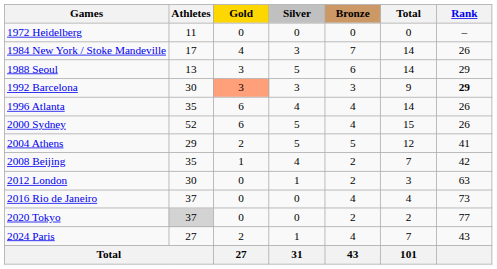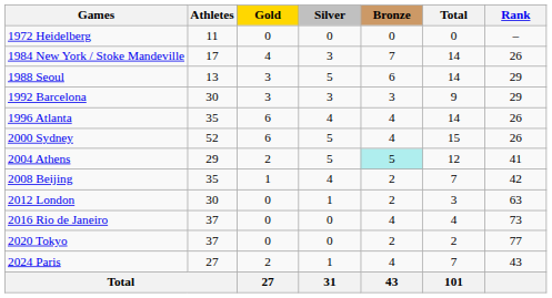 <table class="wikitable" style="text-align:center; font-size:90%;">
 <tr>
 <th>Games</th>
 <th>Athletes</th>
 <td style="background:gold; width:4.5em; font-weight:bold;">Gold</td>
 <td style="background:silver; width:4.5em; font-weight:bold;">Silver</td>
 <td style="background:#cc9966; width:4.5em; font-weight:bold;">Bronze</td>
 <th style="width:4.5em; font-weight:bold;">Total</th>
 <th style="width:4.5em; font-weight:bold;"><a href='#'>Rank</a></th>
 </tr>
 <tr>
 <td align=left><a href='#'>1972 Heidelberg</a></td>
 <td>11</td>
 <td>0</td>
 <td>0</td>
 <td>0</td>
 <td>0</td>
 <td>–</td>
 </tr>
 <tr>
 <td align=left><a href='#'>1984 New York / Stoke Mandeville</a></td>
 <td>17</td>
 <td>4</td>
 <td>3</td>
 <td>7</td>
 <td>14</td>
 <td>26</td>
 </tr>
 <tr>
 <td align=left><a href='#'>1988 Seoul</a></td>
 <td>13</td>
 <td>3</td>
 <td>5</td>
 <td>6</td>
 <td>14</td>
 <td>29</td>
 </tr>
 <tr>
 <td align=left><a href='#'>1992 Barcelona</a></td>
 <td>30</td>
-<td style="background: lightsalmon;">3</td>
+<td>3</td>
 <td>3</td>
 <td>3</td>
 <td>9</td>
-<td><strong>29</strong></td>
+<td>29</td>
 </tr>
 <tr>
 <td align=left><a href='#'>1996 Atlanta</a></td>
 <td>35</td>
 <td>6</td>
 <td>4</td>
 <td>4</td>
 <td>14</td>
 <td>26</td>
 </tr>
 <tr>
 <td align=left><a href='#'>2000 Sydney</a></td>
 <td>52</td>
 <td>6</td>
 <td>5</td>
 <td>4</td>
 <td>15</td>
 <td>26</td>
 </tr>
 <tr>
 <td align=left><a href='#'>2004 Athens</a></td>
 <td>29</td>
 <td>2</td>
 <td>5</td>
-<td>5</td>
+<td style="background: paleturquoise;">5</td>
 <td>12</td>
 <td>41</td>
 </tr>
 <tr>
 <td align=left><a href='#'>2008 Beijing</a></td>
 <td>35</td>
 <td>1</td>
 <td>4</td>
 <td>2</td>
 <td>7</td>
 <td>42</td>
 </tr>
 <tr>
 <td align=left><a href='#'>2012 London</a></td>
 <td>30</td>
 <td>0</td>
 <td>1</td>
 <td>2</td>
 <td>3</td>
 <td>63</td>
 </tr>
 <tr>
 <td align=left><a href='#'>2016 Rio de Janeiro</a></td>
 <td>37</td>
 <td>0</td>
 <td>0</td>
 <td>4</td>
 <td>4</td>
 <td>73</td>
 </tr>
 <tr>
 <td align=left><a href='#'>2020 Tokyo</a></td>
-<td style="background: lightgrey;">37</td>
+<td>37</td>
 <td>0</td>
 <td>0</td>
 <td>2</td>
 <td>2</td>
 <td>77</td>
 </tr>
 <tr>
 <td align=left><a href='#'>2024 Paris</a></td>
 <td>27</td>
 <td>2</td>
 <td>1</td>
 <td>4</td>
 <td>7</td>
 <td>43</td>
 </tr>
 <tr>
 <th colspan=2>Total</th>
 <th>27</th>
 <th>31</th>
 <th>43</th>
 <th>101</th>
 <th></th>
 </tr>
 </table>
